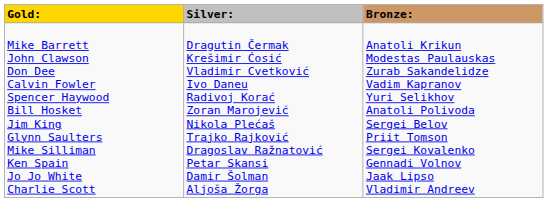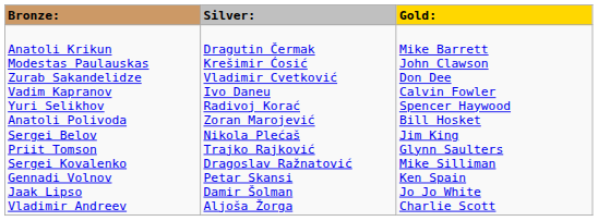 <table class="wikitable">
 <tr>
+<td !align="center" bgcolor="CC9966" width=200><strong>Bronze:</strong></td>
+<td !align="center" bgcolor="silver" width=200><strong>Silver:</strong></td>
 <td !align="center" bgcolor="gold" width=200><strong>Gold:</strong></td>
-<td !align="center" bgcolor="silver" width=200><strong>Silver:</strong></td>
-<td !align="center" bgcolor="CC9966" width=200><strong>Bronze:</strong></td>
 </tr>
 <tr valign=top>
+<td> <br> <a href='#'>Anatoli Krikun</a><br><a href='#'>Modestas Paulauskas</a><br><a href='#'>Zurab Sakandelidze</a><br><a href='#'>Vadim Kapranov</a><br><a href='#'>Yuri Selikhov</a><br><a href='#'>Anatoli Polivoda</a><br><a href='#'>Sergei Belov</a><br><a href='#'>Priit Tomson</a><br><a href='#'>Sergei Kovalenko</a><br><a href='#'>Gennadi Volnov</a><br><a href='#'>Jaak Lipso</a><br><a href='#'>Vladimir Andreev</a></td>
+<td> <br> <a href='#'>Dragutin Čermak</a><br><a href='#'>Krešimir Ćosić</a><br><a href='#'>Vladimir Cvetković</a><br><a href='#'>Ivo Daneu</a><br><a href='#'>Radivoj Korać</a><br><a href='#'>Zoran Marojević</a><br><a href='#'>Nikola Plećaš</a><br><a href='#'>Trajko Rajković</a><br><a href='#'>Dragoslav Ražnatović</a><br><a href='#'>Petar Skansi</a><br><a href='#'>Damir Šolman</a><br><a href='#'>Aljoša Žorga</a></td>
 <td> <br> <a href='#'>Mike Barrett</a><br><a href='#'>John Clawson</a><br><a href='#'>Don Dee</a><br><a href='#'>Calvin Fowler</a><br><a href='#'>Spencer Haywood</a><br><a href='#'>Bill Hosket</a><br><a href='#'>Jim King</a><br><a href='#'>Glynn Saulters</a><br><a href='#'>Mike Silliman</a><br><a href='#'>Ken Spain</a><br><a href='#'>Jo Jo White</a><br><a href='#'>Charlie Scott</a></td>
-<td> <br> <a href='#'>Dragutin Čermak</a><br><a href='#'>Krešimir Ćosić</a><br><a href='#'>Vladimir Cvetković</a><br><a href='#'>Ivo Daneu</a><br><a href='#'>Radivoj Korać</a><br><a href='#'>Zoran Marojević</a><br><a href='#'>Nikola Plećaš</a><br><a href='#'>Trajko Rajković</a><br><a href='#'>Dragoslav Ražnatović</a><br><a href='#'>Petar Skansi</a><br><a href='#'>Damir Šolman</a><br><a href='#'>Aljoša Žorga</a></td>
-<td> <br> <a href='#'>Anatoli Krikun</a><br><a href='#'>Modestas Paulauskas</a><br><a href='#'>Zurab Sakandelidze</a><br><a href='#'>Vadim Kapranov</a><br><a href='#'>Yuri Selikhov</a><br><a href='#'>Anatoli Polivoda</a><br><a href='#'>Sergei Belov</a><br><a href='#'>Priit Tomson</a><br><a href='#'>Sergei Kovalenko</a><br><a href='#'>Gennadi Volnov</a><br><a href='#'>Jaak Lipso</a><br><a href='#'>Vladimir Andreev</a></td>
 </tr>
 </table>
